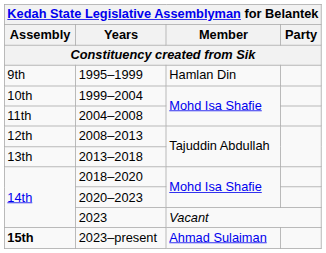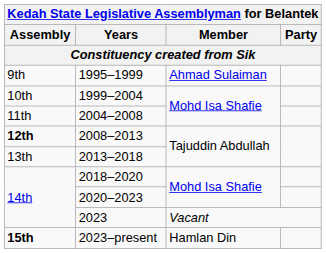 <table class="wikitable">
 <tr>
 <th colspan="4"><a href='#'>Kedah State Legislative Assemblyman</a> for Belantek</th>
 </tr>
 <tr>
 <th>Assembly</th>
 <th>Years</th>
 <th>Member</th>
 <th>Party</th>
 </tr>
 <tr>
 <th colspan="4" align="center"><em>Constituency created from Sik</em></th>
 </tr>
 <tr>
 <td>9th</td>
 <td>1995–1999</td>
-<td>Hamlan Din</td>
+<td><a href='#'>Ahmad Sulaiman</a></td>
 <td></td>
 </tr>
 <tr>
 <td>10th</td>
 <td>1999–2004</td>
 <td rowspan="2"><a href='#'>Mohd Isa Shafie</a></td>
 <td></td>
 </tr>
 <tr>
 <td>11th</td>
 <td>2004–2008</td>
 <td></td>
 </tr>
 <tr>
-<td>12th</td>
+<td><strong>12th</strong></td>
 <td>2008–2013</td>
 <td rowspan="2">Tajuddin Abdullah</td>
 <td rowspan="2"></td>
 </tr>
 <tr>
 <td>13th</td>
 <td>2013–2018</td>
 </tr>
 <tr>
 <td rowspan="3"><a href='#'>14th</a></td>
 <td>2018–2020</td>
 <td rowspan=2><a href='#'>Mohd Isa Shafie</a></td>
 <td></td>
 </tr>
 <tr>
 <td>2020–2023</td>
 <td></td>
 </tr>
 <tr>
 <td>2023</td>
 <td colspan="2"><em>Vacant</em></td>
 </tr>
 <tr>
 <td><strong>15th</strong></td>
 <td>2023–present</td>
-<td><a href='#'>Ahmad Sulaiman</a></td>
+<td>Hamlan Din</td>
 <td></td>
 </tr>
 </table>
